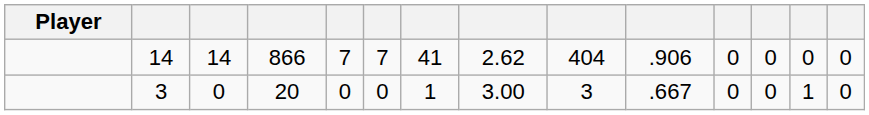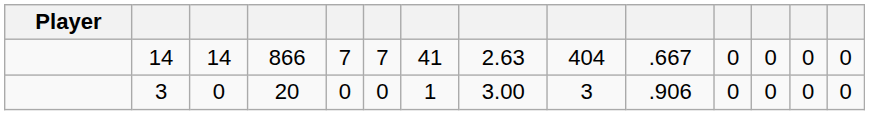 <table class="wikitable sortable" style="width:100%;">
 <tr style="text-align:center; background:#ddd;">
 <th>Player</th>
 <th></th>
 <th></th>
 <th></th>
 <th></th>
 <th></th>
 <th></th>
 <th></th>
 <th></th>
 <th></th>
 <th></th>
 <th></th>
 <th></th>
 <th></th>
 </tr>
 <tr align=center>
 <td></td>
 <td>14</td>
 <td>14</td>
 <td>866</td>
 <td>7</td>
 <td>7</td>
 <td>41</td>
-<td>2.62</td>
+<td>2.63</td>
 <td>404</td>
-<td>.906</td>
+<td>.667</td>
 <td>0</td>
 <td>0</td>
 <td>0</td>
 <td>0</td>
 </tr>
 <tr align=center>
 <td></td>
 <td>3</td>
 <td>0</td>
 <td>20</td>
 <td>0</td>
 <td>0</td>
 <td>1</td>
 <td>3.00</td>
 <td>3</td>
-<td>.667</td>
+<td>.906</td>
 <td>0</td>
 <td>0</td>
-<td>1</td>
+<td>0</td>
 <td>0</td>
 </tr>
 </table>
